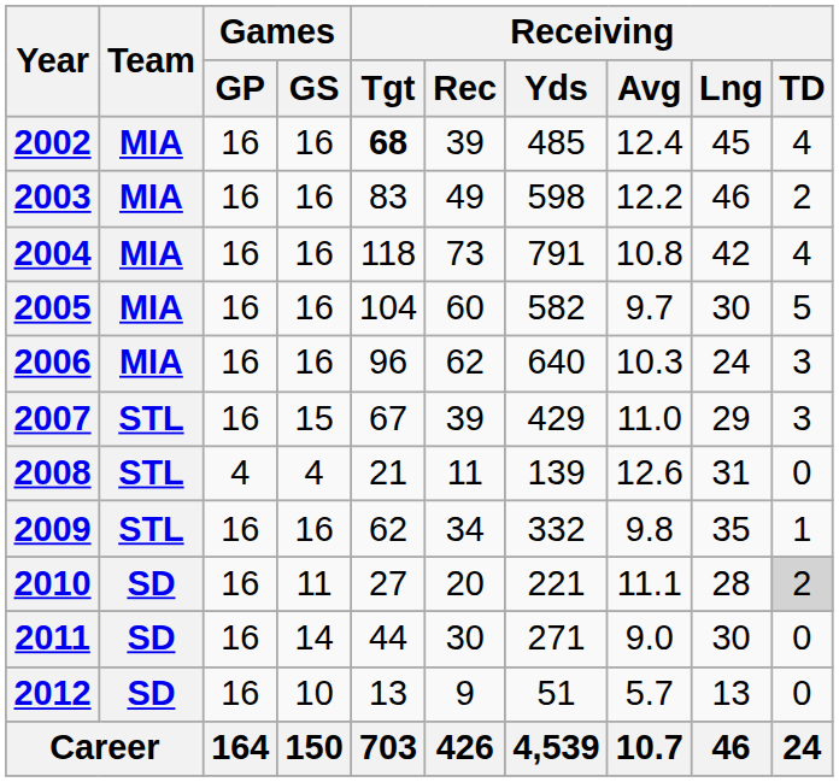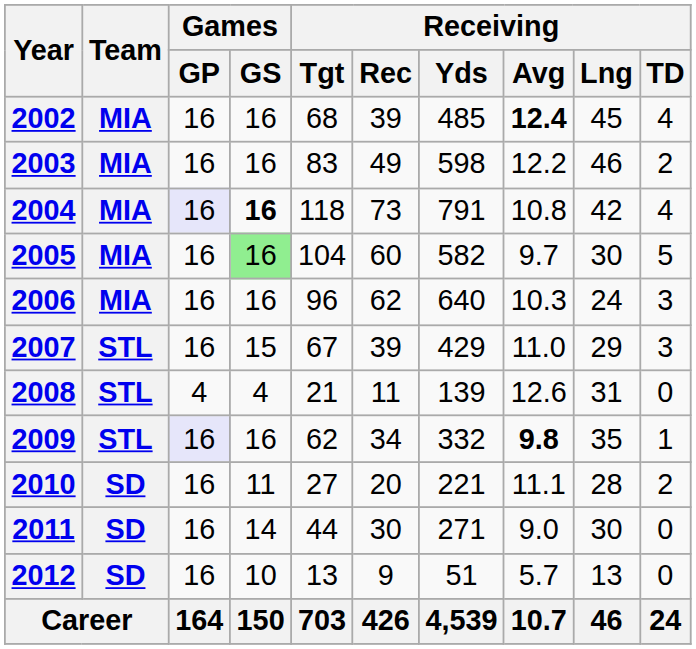 <table class="wikitable" style="text-align: center;">
 <tr>
 <th rowspan="2">Year</th>
 <th rowspan="2">Team</th>
 <th colspan="2">Games</th>
 <th colspan="6">Receiving</th>
 </tr>
 <tr>
 <th>GP</th>
 <th>GS</th>
 <th>Tgt</th>
 <th>Rec</th>
 <th>Yds</th>
 <th>Avg</th>
 <th>Lng</th>
 <th>TD</th>
 </tr>
 <tr>
 <th><a href='#'>2002</a></th>
 <th><a href='#'>MIA</a></th>
 <td>16</td>
 <td>16</td>
-<td><strong>68</strong></td>
+<td>68</td>
 <td>39</td>
 <td>485</td>
-<td>12.4</td>
+<td><strong>12.4</strong></td>
 <td>45</td>
 <td>4</td>
 </tr>
 <tr>
 <th><a href='#'>2003</a></th>
 <th><a href='#'>MIA</a></th>
 <td>16</td>
 <td>16</td>
 <td>83</td>
 <td>49</td>
 <td>598</td>
 <td>12.2</td>
 <td>46</td>
 <td>2</td>
 </tr>
 <tr>
 <th><a href='#'>2004</a></th>
 <th><a href='#'>MIA</a></th>
-<td>16</td>
-<td>16</td>
+<td style="background: lavender;">16</td>
+<td><strong>16</strong></td>
 <td>118</td>
 <td>73</td>
 <td>791</td>
 <td>10.8</td>
 <td>42</td>
 <td>4</td>
 </tr>
 <tr>
 <th><a href='#'>2005</a></th>
 <th><a href='#'>MIA</a></th>
 <td>16</td>
-<td>16</td>
+<td style="background: lightgreen;">16</td>
 <td>104</td>
 <td>60</td>
 <td>582</td>
 <td>9.7</td>
 <td>30</td>
 <td>5</td>
 </tr>
 <tr>
 <th><a href='#'>2006</a></th>
 <th><a href='#'>MIA</a></th>
 <td>16</td>
 <td>16</td>
 <td>96</td>
 <td>62</td>
 <td>640</td>
 <td>10.3</td>
 <td>24</td>
 <td>3</td>
 </tr>
 <tr>
 <th><a href='#'>2007</a></th>
 <th><a href='#'>STL</a></th>
 <td>16</td>
 <td>15</td>
 <td>67</td>
 <td>39</td>
 <td>429</td>
 <td>11.0</td>
 <td>29</td>
 <td>3</td>
 </tr>
 <tr>
 <th><a href='#'>2008</a></th>
 <th><a href='#'>STL</a></th>
 <td>4</td>
 <td>4</td>
 <td>21</td>
 <td>11</td>
 <td>139</td>
 <td>12.6</td>
 <td>31</td>
 <td>0</td>
 </tr>
 <tr>
 <th><a href='#'>2009</a></th>
 <th><a href='#'>STL</a></th>
-<td>16</td>
+<td style="background: lavender;">16</td>
 <td>16</td>
 <td>62</td>
 <td>34</td>
 <td>332</td>
-<td>9.8</td>
+<td><strong>9.8</strong></td>
 <td>35</td>
 <td>1</td>
 </tr>
 <tr>
 <th><a href='#'>2010</a></th>
 <th><a href='#'>SD</a></th>
 <td>16</td>
 <td>11</td>
 <td>27</td>
 <td>20</td>
 <td>221</td>
 <td>11.1</td>
 <td>28</td>
-<td style="background: lightgrey;">2</td>
+<td>2</td>
 </tr>
 <tr>
 <th><a href='#'>2011</a></th>
 <th><a href='#'>SD</a></th>
 <td>16</td>
 <td>14</td>
 <td>44</td>
 <td>30</td>
 <td>271</td>
 <td>9.0</td>
 <td>30</td>
 <td>0</td>
 </tr>
 <tr>
 <th><a href='#'>2012</a></th>
 <th><a href='#'>SD</a></th>
 <td>16</td>
 <td>10</td>
 <td>13</td>
 <td>9</td>
 <td>51</td>
 <td>5.7</td>
 <td>13</td>
 <td>0</td>
 </tr>
 <tr>
 <th colspan="2">Career</th>
 <th>164</th>
 <th>150</th>
 <th>703</th>
 <th>426</th>
 <th>4,539</th>
 <th>10.7</th>
 <th>46</th>
 <th>24</th>
 </tr>
 </table>
